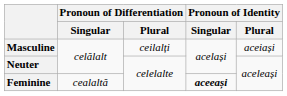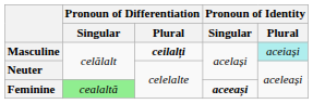 <table class="wikitable" style="text-align: center;">
 <tr>
 <th rowspan="2"></th>
 <th colspan="2">Pronoun of Differentiation</th>
 <th colspan="2">Pronoun of Identity</th>
 </tr>
 <tr>
 <th>Singular</th>
 <th>Plural</th>
 <th>Singular</th>
 <th>Plural</th>
 </tr>
 <tr>
 <th style="text-align: left;">Masculine</th>
 <td rowspan="2"><em>celălalt</em></td>
-<td><em>ceilalți</em></td>
+<td><strong><em>ceilalți</em></strong></td>
 <td rowspan="2"><em>același</em></td>
-<td><em>aceiași</em></td>
+<td style="background: paleturquoise;"><em>aceiași</em></td>
 </tr>
 <tr>
 <th style="text-align: left;">Neuter</th>
 <td rowspan="2"><em>celelalte</em></td>
 <td rowspan="2"><em>aceleași</em></td>
 </tr>
 <tr>
 <th style="text-align: left;">Feminine</th>
-<td><em>cealaltă</em></td>
+<td style="background: lightgreen;"><em>cealaltă</em></td>
 <td><strong><em>aceeași</em></strong></td>
 </tr>
 </table>
